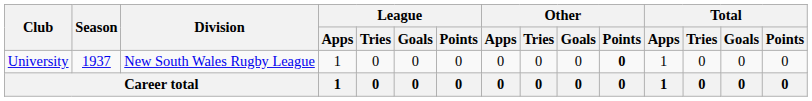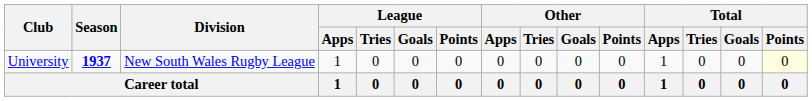 <table class="wikitable" style="text-align:center;">
 <tr>
 <th rowspan="2">Club</th>
 <th rowspan="2">Season</th>
 <th rowspan="2">Division</th>
 <th colspan="4">League</th>
 <th colspan="4">Other</th>
 <th colspan="4">Total</th>
 </tr>
 <tr>
 <th>Apps</th>
 <th>Tries</th>
 <th>Goals</th>
 <th>Points</th>
 <th>Apps</th>
 <th>Tries</th>
 <th>Goals</th>
 <th>Points</th>
 <th>Apps</th>
 <th>Tries</th>
 <th>Goals</th>
 <th>Points</th>
 </tr>
 <tr>
 <td><a href='#'>University</a></td>
-<td><a href='#'>1937</a></td>
+<td><strong><a href='#'>1937</a></strong></td>
 <td><a href='#'>New South Wales Rugby League</a></td>
 <td>1</td>
 <td>0</td>
 <td>0</td>
 <td>0</td>
 <td>0</td>
 <td>0</td>
 <td>0</td>
-<td><strong>0</strong></td>
+<td>0</td>
 <td>1</td>
 <td>0</td>
 <td>0</td>
-<td>0</td>
+<td style="background: lightyellow;">0</td>
 </tr>
 <tr>
 <th colspan="3">Career total</th>
 <th>1</th>
 <th>0</th>
 <th>0</th>
 <th>0</th>
 <th>0</th>
 <th>0</th>
 <th>0</th>
 <th>0</th>
 <th>1</th>
 <th>0</th>
 <th>0</th>
 <th>0</th>
 </tr>
 </table>
